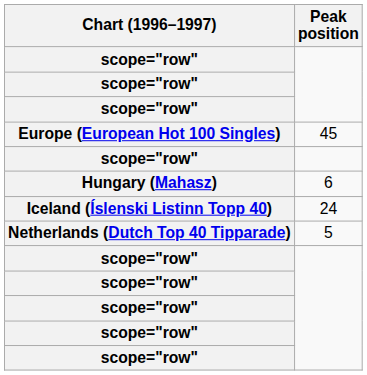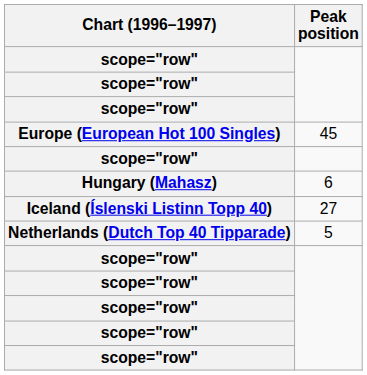 <table class="wikitable sortable plainrowheaders" style="text-align:center">
 <tr>
 <th scope="col">Chart (1996–1997)</th>
 <th scope="col">Peak<br>position</th>
 </tr>
 <tr>
 <th>scope="row"</th>
 </tr>
 <tr>
 <th>scope="row"</th>
 </tr>
 <tr>
 <th>scope="row"</th>
 </tr>
 <tr>
 <th scope="row">Europe (<a href='#'>European Hot 100 Singles</a>)</th>
 <td>45</td>
 </tr>
 <tr>
 <th>scope="row"</th>
 </tr>
 <tr>
 <th scope="row">Hungary (<a href='#'>Mahasz</a>)</th>
 <td>6</td>
 </tr>
 <tr>
 <th scope="row">Iceland (<a href='#'>Íslenski Listinn Topp 40</a>)</th>
-<td>24</td>
+<td>27</td>
 </tr>
 <tr>
 <th scope="row">Netherlands (<a href='#'>Dutch Top 40 Tipparade</a>)</th>
 <td>5</td>
 </tr>
 <tr>
 <th>scope="row"</th>
 </tr>
 <tr>
 <th>scope="row"</th>
 </tr>
 <tr>
 <th>scope="row"</th>
 </tr>
 <tr>
 <th>scope="row"</th>
 </tr>
 <tr>
 <th>scope="row"</th>
 </tr>
 </table>
